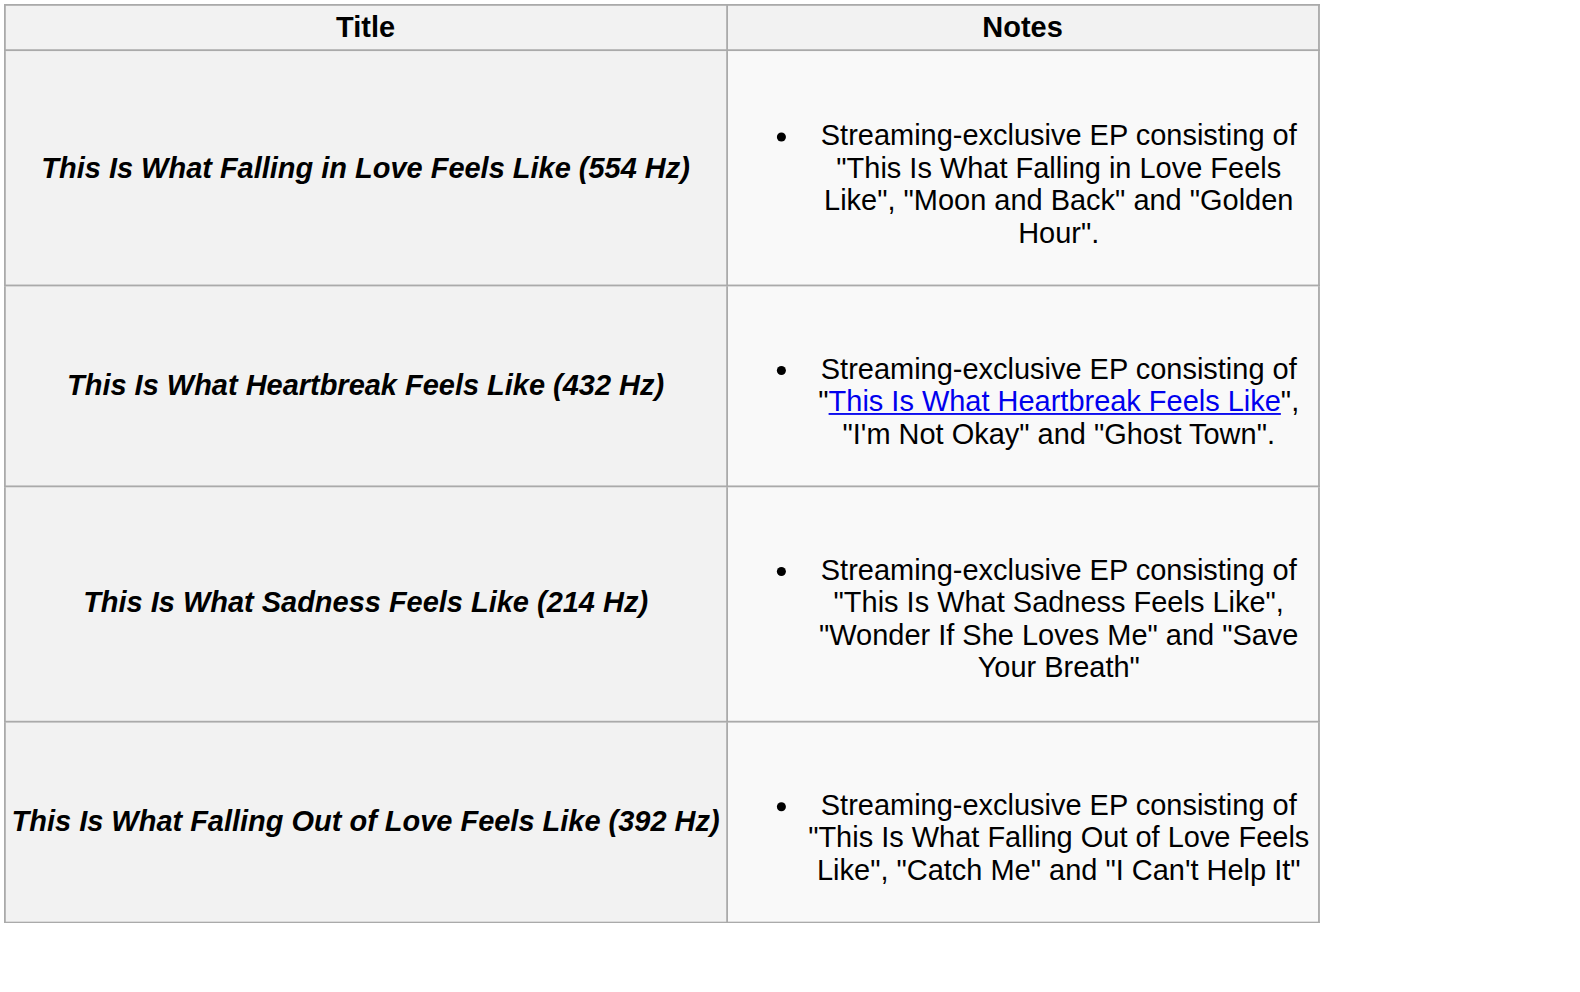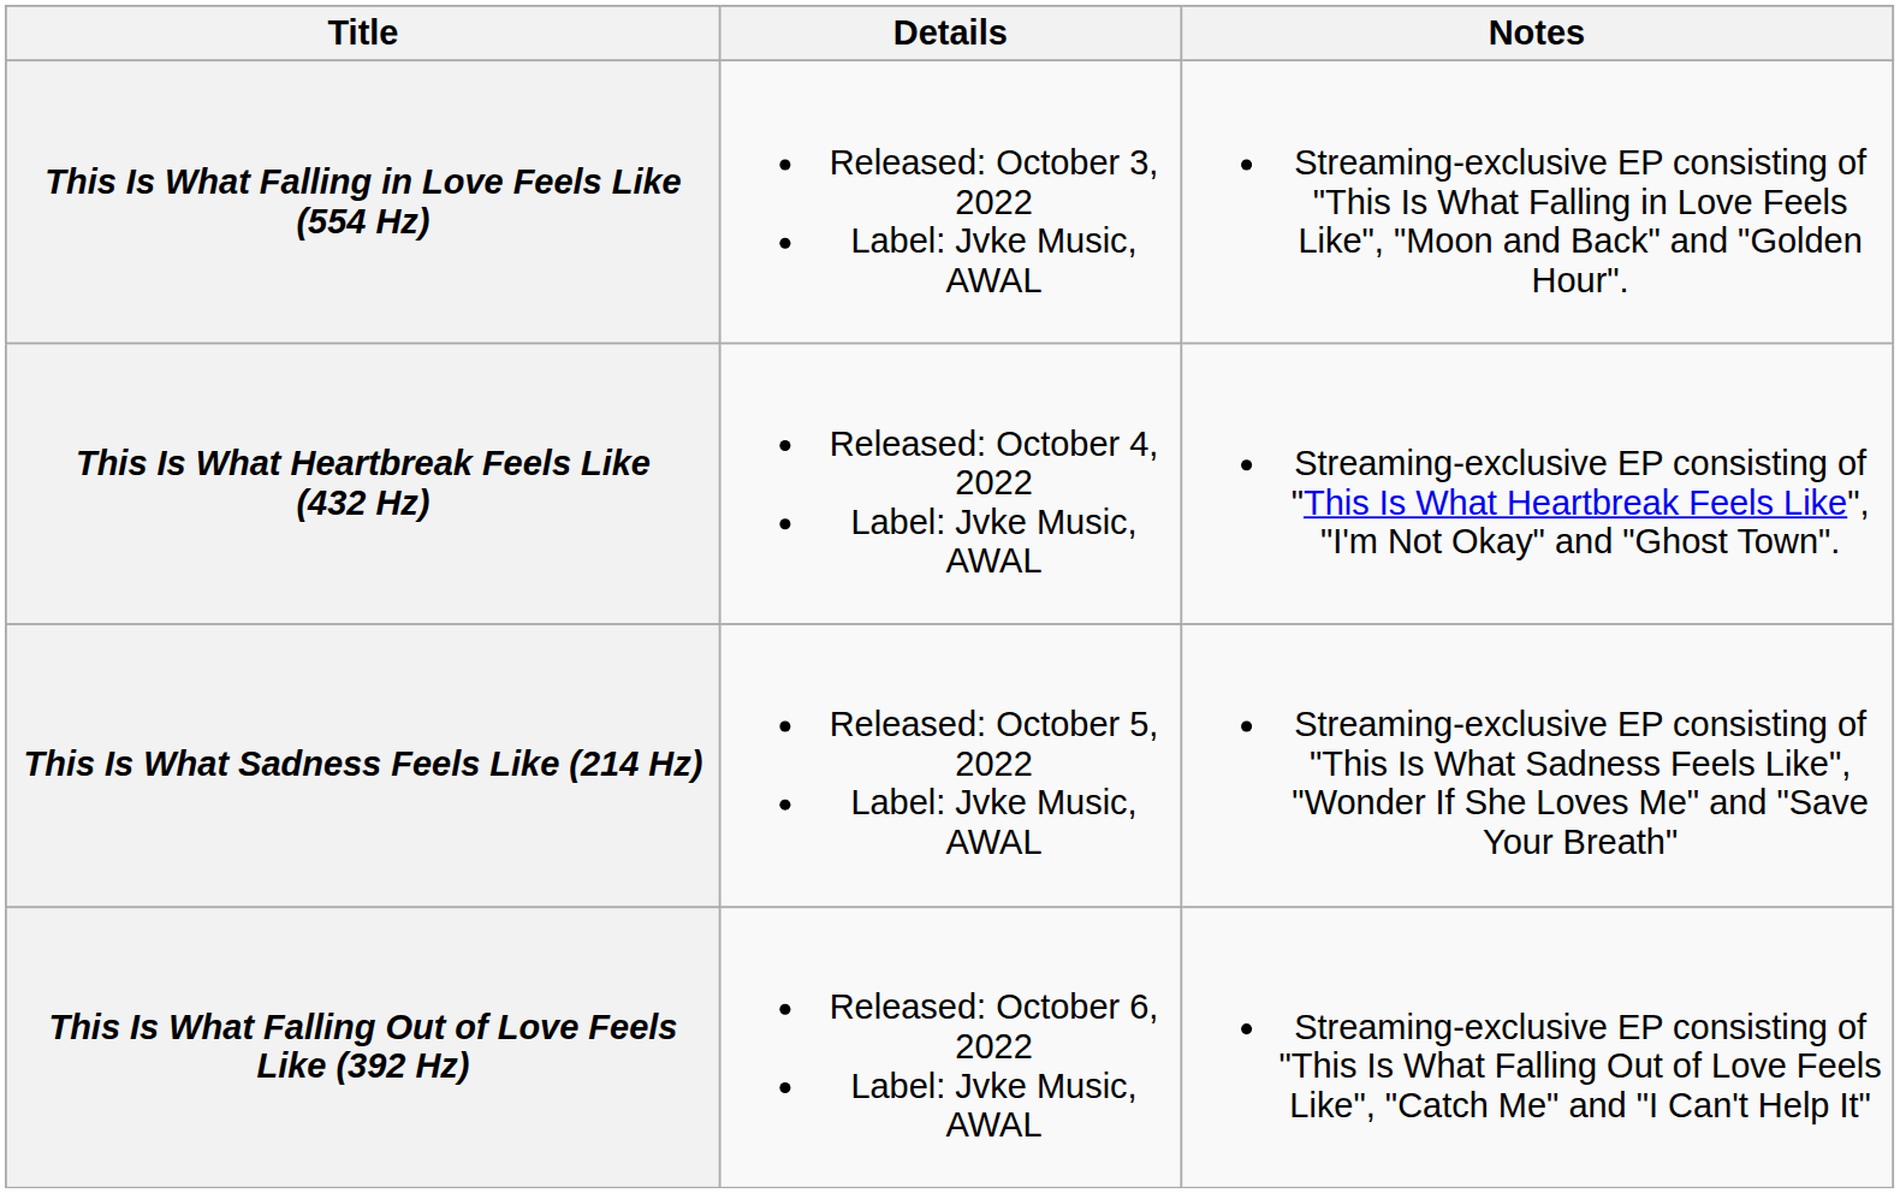 <table class="wikitable plainrowheaders" style="text-align:center;">
 <tr>
 <th scope="col">Title</th>
+<th scope="col">Details</th>
 <th scope="col" style="width:20em;">Notes</th>
 </tr>
 <tr>
 <th scope="row"><em>This Is What Falling in Love Feels Like (554 Hz)</em></th>
+<td><br><ul><li>Released: October 3, 2022</li><li>Label: Jvke Music, AWAL</li></ul></td>
 <td><br><ul><li>Streaming-exclusive EP consisting of "This Is What Falling in Love Feels Like", "Moon and Back" and "Golden Hour".</li></ul></td>
 </tr>
 <tr>
 <th scope="row"><em>This Is What Heartbreak Feels Like (432 Hz)</em></th>
+<td><br><ul><li>Released: October 4, 2022</li><li>Label: Jvke Music, AWAL</li></ul></td>
 <td><br><ul><li>Streaming-exclusive EP consisting of "<a href='#'>This Is What Heartbreak Feels Like</a>", "I'm Not Okay" and "Ghost Town".</li></ul></td>
 </tr>
 <tr>
 <th scope="row"><em>This Is What Sadness Feels Like (214 Hz)</em></th>
+<td><br><ul><li>Released: October 5, 2022</li><li>Label: Jvke Music, AWAL</li></ul></td>
 <td><br><ul><li>Streaming-exclusive EP consisting of "This Is What Sadness Feels Like", "Wonder If She Loves Me" and "Save Your Breath"</li></ul></td>
 </tr>
 <tr>
 <th scope="row"><em>This Is What Falling Out of Love Feels Like (392 Hz)</em></th>
+<td><br><ul><li>Released: October 6, 2022</li><li>Label: Jvke Music, AWAL</li></ul></td>
 <td><br><ul><li>Streaming-exclusive EP consisting of "This Is What Falling Out of Love Feels Like", "Catch Me" and "I Can't Help It"</li></ul></td>
 </tr>
 </table>
